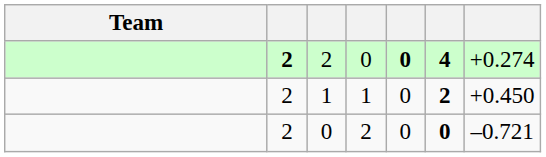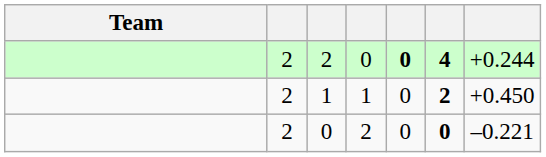 <table class="wikitable" style="text-align:center;">
 <tr>
 <th width=175>Team</th>
 <th style="width:20px;"></th>
 <th style="width:20px;"></th>
 <th style="width:20px;"></th>
 <th style="width:20px;"></th>
 <th style="width:20px;"></th>
 <th style="width:20px;"></th>
 </tr>
 <tr style="background:#cfc">
 <td align=left></td>
-<td><strong>2</strong></td>
+<td>2</td>
 <td>2</td>
 <td>0</td>
 <td><strong>0</strong></td>
 <td><strong>4</strong></td>
-<td>+0.274</td>
+<td>+0.244</td>
 </tr>
 <tr>
 <td align=left></td>
 <td>2</td>
 <td>1</td>
 <td>1</td>
 <td>0</td>
 <td><strong>2</strong></td>
 <td>+0.450</td>
 </tr>
 <tr>
 <td align=left></td>
 <td>2</td>
 <td>0</td>
 <td>2</td>
 <td>0</td>
 <td><strong>0</strong></td>
-<td>–0.721</td>
+<td>–0.221</td>
 </tr>
 </table>
